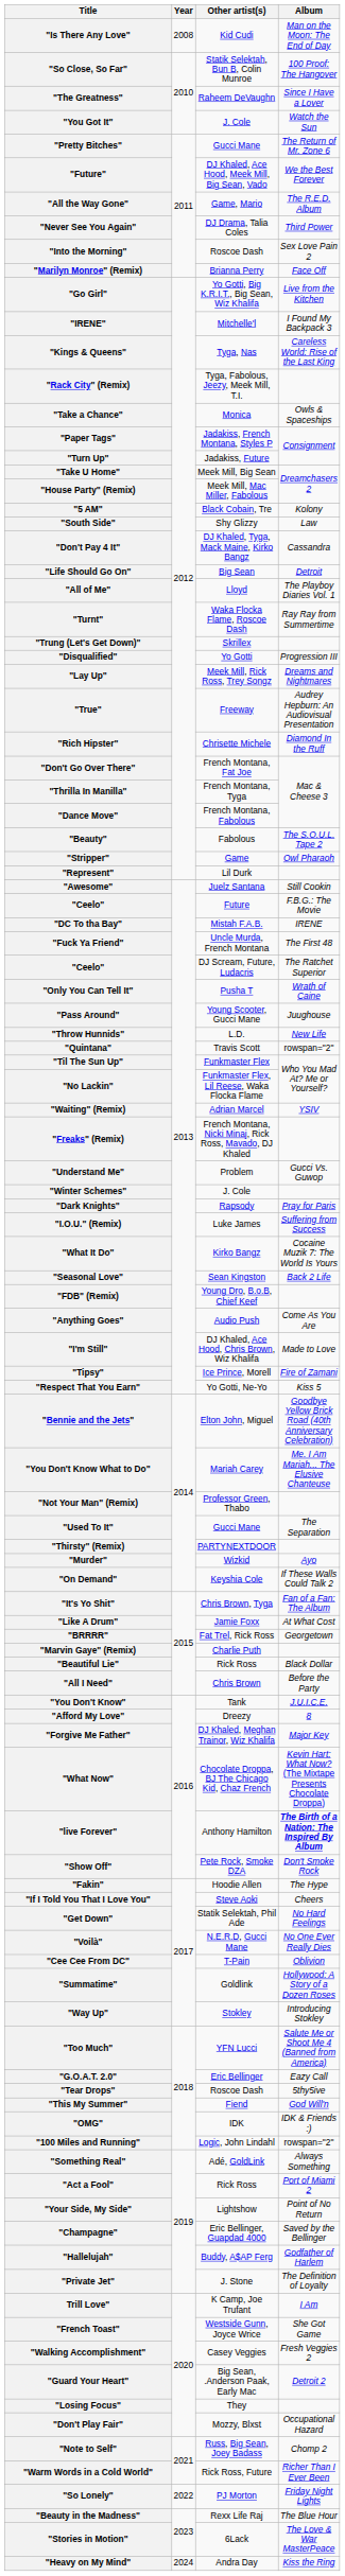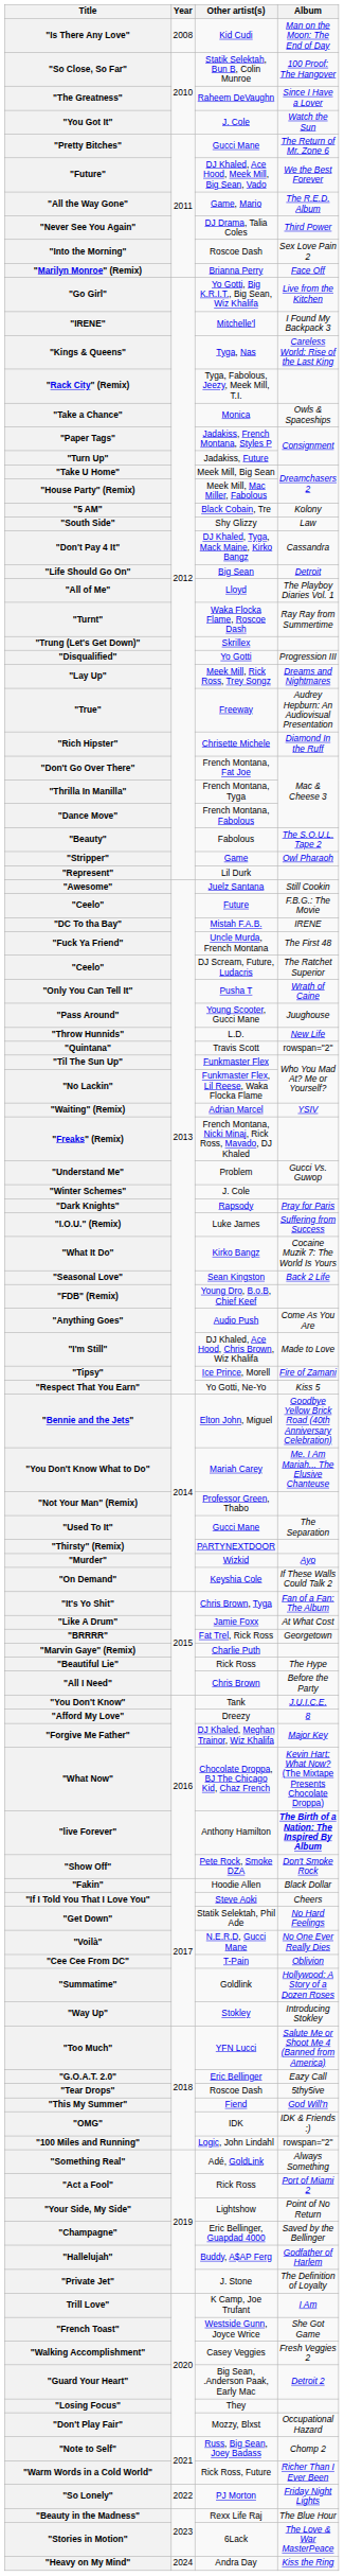 <table class="wikitable plainrowheaders" style="text-align:center;">
 <tr>
 <th scope="col" style="width:20em;">Title</th>
 <th scope="col">Year</th>
 <th scope="col">Other artist(s)</th>
 <th scope="col">Album</th>
 </tr>
 <tr>
 <th scope="row">"Is There Any Love"</th>
 <td>2008</td>
 <td><a href='#'>Kid Cudi</a></td>
 <td><em><a href='#'>Man on the Moon: The End of Day</a></em></td>
 </tr>
 <tr>
 <th scope="row">"So Close, So Far"</th>
 <td rowspan="3">2010</td>
 <td><a href='#'>Statik Selektah</a>, <a href='#'>Bun B</a>, Colin Munroe</td>
 <td><em><a href='#'>100 Proof: The Hangover</a></em></td>
 </tr>
 <tr>
 <th scope="row">"The Greatness"</th>
 <td><a href='#'>Raheem DeVaughn</a></td>
 <td><em><a href='#'>Since I Have a Lover</a></em></td>
 </tr>
 <tr>
 <th scope="row">"You Got It"</th>
 <td><a href='#'>J. Cole</a></td>
 <td><em><a href='#'>Watch the Sun</a></em></td>
 </tr>
 <tr>
 <th scope="row">"Pretty Bitches"</th>
 <td rowspan="6">2011</td>
 <td><a href='#'>Gucci Mane</a></td>
 <td><em><a href='#'>The Return of Mr. Zone 6</a></em></td>
 </tr>
 <tr>
 <th scope="row">"Future"</th>
 <td><a href='#'>DJ Khaled</a>, <a href='#'>Ace Hood</a>, <a href='#'>Meek Mill</a>, <a href='#'>Big Sean</a>, <a href='#'>Vado</a></td>
 <td><em><a href='#'>We the Best Forever</a></em></td>
 </tr>
 <tr>
 <th scope="row">"All the Way Gone"</th>
 <td><a href='#'>Game</a>, <a href='#'>Mario</a></td>
 <td><em><a href='#'>The R.E.D. Album</a></em></td>
 </tr>
 <tr>
 <th scope="row">"Never See You Again"</th>
 <td><a href='#'>DJ Drama</a>, Talia Coles</td>
 <td><em><a href='#'>Third Power</a></em></td>
 </tr>
 <tr>
 <th scope="row">"Into the Morning"</th>
 <td>Roscoe Dash</td>
 <td><em>Sex Love Pain 2</em></td>
 </tr>
 <tr>
 <th scope="row">"<a href='#'>Marilyn Monroe</a>" (Remix)</th>
 <td><a href='#'>Brianna Perry</a></td>
 <td><em><a href='#'>Face Off</a></em></td>
 </tr>
 <tr>
 <th scope="row">"Go Girl"</th>
 <td rowspan="26">2012</td>
 <td><a href='#'>Yo Gotti</a>, <a href='#'>Big K.R.I.T.</a>, Big Sean, <a href='#'>Wiz Khalifa</a></td>
 <td><em><a href='#'>Live from the Kitchen</a></em></td>
 </tr>
 <tr>
 <th scope="row">"IRENE"</th>
 <td><a href='#'>Mitchelle'l</a></td>
 <td><em>I Found My Backpack 3</em></td>
 </tr>
 <tr>
 <th scope="row">"Kings & Queens"</th>
 <td><a href='#'>Tyga</a>, <a href='#'>Nas</a></td>
 <td><em><a href='#'>Careless World: Rise of the Last King</a></em></td>
 </tr>
 <tr>
 <th scope="row">"<a href='#'>Rack City</a>" (Remix)</th>
 <td>Tyga, Fabolous, <a href='#'>Jeezy</a>, Meek Mill, T.I.</td>
 <td></td>
 </tr>
 <tr>
 <th scope="row">"Take a Chance"</th>
 <td><a href='#'>Monica</a></td>
 <td><em>Owls & Spaceships</em></td>
 </tr>
 <tr>
 <th scope="row">"Paper Tags"</th>
 <td><a href='#'>Jadakiss</a>, <a href='#'>French Montana</a>, <a href='#'>Styles P</a></td>
 <td rowspan="2"><em><a href='#'>Consignment</a></em></td>
 </tr>
 <tr>
 <th scope="row">"Turn Up"</th>
 <td>Jadakiss, <a href='#'>Future</a></td>
 </tr>
 <tr>
 <th scope="row">"Take U Home"</th>
 <td>Meek Mill, Big Sean</td>
 <td rowspan="2"><em><a href='#'>Dreamchasers 2</a></em></td>
 </tr>
 <tr>
 <th scope="row">"House Party" (Remix)</th>
 <td>Meek Mill, <a href='#'>Mac Miller</a>, <a href='#'>Fabolous</a></td>
 </tr>
 <tr>
 <th scope="row">"5 AM"</th>
 <td><a href='#'>Black Cobain</a>, Tre</td>
 <td><em>Kolony</em></td>
 </tr>
 <tr>
 <th scope="row">"South Side"</th>
 <td>Shy Glizzy</td>
 <td><em>Law</em></td>
 </tr>
 <tr>
 <th scope="row">"Don't Pay 4 It"</th>
 <td><a href='#'>DJ Khaled</a>, <a href='#'>Tyga</a>, <a href='#'>Mack Maine</a>, <a href='#'>Kirko Bangz</a></td>
 <td><em>Cassandra</em></td>
 </tr>
 <tr>
 <th scope="row">"Life Should Go On"</th>
 <td><a href='#'>Big Sean</a></td>
 <td><em><a href='#'>Detroit</a></em></td>
 </tr>
 <tr>
 <th scope="row">"All of Me"</th>
 <td><a href='#'>Lloyd</a></td>
 <td><em>The Playboy Diaries Vol. 1</em></td>
 </tr>
 <tr>
 <th scope="row">"Turnt"</th>
 <td><a href='#'>Waka Flocka Flame</a>, <a href='#'>Roscoe Dash</a></td>
 <td><em>Ray Ray from Summertime</em></td>
 </tr>
 <tr>
 <th scope="row">"Trung (Let's Get Down)"</th>
 <td><a href='#'>Skrillex</a></td>
 <td></td>
 </tr>
 <tr>
 <th scope="row">"Disqualified"</th>
 <td><a href='#'>Yo Gotti</a></td>
 <td><em>Progression III</em></td>
 </tr>
 <tr>
 <th scope="row">"Lay Up"</th>
 <td><a href='#'>Meek Mill</a>, <a href='#'>Rick Ross</a>, <a href='#'>Trey Songz</a></td>
 <td><em><a href='#'>Dreams and Nightmares</a></em></td>
 </tr>
 <tr>
 <th scope="row">"True"</th>
 <td><a href='#'>Freeway</a></td>
 <td><em>Audrey Hepburn: An Audiovisual Presentation</em></td>
 </tr>
 <tr>
 <th scope="row">"Rich Hipster"</th>
 <td><a href='#'>Chrisette Michele</a></td>
 <td><em><a href='#'>Diamond In the Ruff</a></em></td>
 </tr>
 <tr>
 <th scope="row">"Don't Go Over There"</th>
 <td>French Montana, <a href='#'>Fat Joe</a></td>
 <td rowspan="3"><em>Mac & Cheese 3</em></td>
 </tr>
 <tr>
 <th scope="row">"Thrilla In Manilla"</th>
 <td>French Montana, Tyga</td>
 </tr>
 <tr>
 <th scope="row">"Dance Move"</th>
 <td>French Montana, <a href='#'>Fabolous</a></td>
 </tr>
 <tr>
 <th scope="row">"Beauty"</th>
 <td>Fabolous</td>
 <td><em><a href='#'>The S.O.U.L. Tape 2</a></em></td>
 </tr>
 <tr>
 <th scope="row">"Stripper"</th>
 <td><a href='#'>Game</a></td>
 <td><em><a href='#'>Owl Pharaoh</a></em></td>
 </tr>
 <tr>
 <th scope="row">"Represent"</th>
 <td>Lil Durk</td>
 </tr>
 <tr>
 <th scope="row">"Awesome"</th>
 <td rowspan="24">2013</td>
 <td><a href='#'>Juelz Santana</a></td>
 <td><em>Still Cookin</em></td>
 </tr>
 <tr>
 <th scope="row">"Ceelo"</th>
 <td><a href='#'>Future</a></td>
 <td><em>F.B.G.: The Movie</em></td>
 </tr>
 <tr>
 <th scope="row">"DC To tha Bay"</th>
 <td><a href='#'>Mistah F.A.B.</a></td>
 <td><em>IRENE</em></td>
 </tr>
 <tr>
 <th scope="row">"Fuck Ya Friend"</th>
 <td><a href='#'>Uncle Murda</a>, French Montana</td>
 <td><em>The First 48</em></td>
 </tr>
 <tr>
 <th scope="row">"Ceelo"</th>
 <td>DJ Scream, Future, <a href='#'>Ludacris</a></td>
 <td><em>The Ratchet Superior</em></td>
 </tr>
 <tr>
 <th scope="row">"Only You Can Tell It"</th>
 <td><a href='#'>Pusha T</a></td>
 <td><em><a href='#'>Wrath of Caine</a></em></td>
 </tr>
 <tr>
 <th scope="row">"Pass Around"</th>
 <td><a href='#'>Young Scooter</a>, Gucci Mane</td>
 <td><em>Juughouse</em></td>
 </tr>
 <tr>
 <th scope="row">"Throw Hunnids"</th>
 <td>L.D.</td>
 <td><em><a href='#'>New Life</a></em></td>
 </tr>
 <tr>
 <th scope="row">"Quintana"</th>
 <td>Travis Scott</td>
 <td>rowspan="2" </td>
 </tr>
 <tr>
 <th scope="row">"Til The Sun Up"</th>
 <td><a href='#'>Funkmaster Flex</a></td>
 <td rowspan="2"><em>Who You Mad At? Me or Yourself?</em></td>
 </tr>
 <tr>
 <th scope="row">"No Lackin"</th>
 <td><a href='#'>Funkmaster Flex</a>, <a href='#'>Lil Reese</a>, Waka Flocka Flame</td>
 </tr>
 <tr>
 <th scope="row">"Waiting" (Remix)</th>
 <td><a href='#'>Adrian Marcel</a></td>
 <td><em><a href='#'>YSIV</a></em></td>
 </tr>
 <tr>
 <th scope="row">"<a href='#'>Freaks</a>" (Remix)</th>
 <td>French Montana, <a href='#'>Nicki Minaj</a>, Rick Ross, <a href='#'>Mavado</a>, DJ Khaled</td>
 </tr>
 <tr>
 <th scope="row">"Understand Me"</th>
 <td>Problem</td>
 <td><em>Gucci Vs. Guwop</em></td>
 </tr>
 <tr>
 <th scope="row">"Winter Schemes"</th>
 <td>J. Cole</td>
 <td></td>
 </tr>
 <tr>
 <th scope="row">"Dark Knights"</th>
 <td><a href='#'>Rapsody</a></td>
 <td><em><a href='#'>Pray for Paris</a></em></td>
 </tr>
 <tr>
 <th scope="row">"I.O.U." (Remix)</th>
 <td>Luke James</td>
 <td><em><a href='#'>Suffering from Success</a></em></td>
 </tr>
 <tr>
 <th scope="row">"What It Do"</th>
 <td><a href='#'>Kirko Bangz</a></td>
 <td><em>Cocaine Muzik 7: The World Is Yours</em></td>
 </tr>
 <tr>
 <th scope="row">"Seasonal Love"</th>
 <td><a href='#'>Sean Kingston</a></td>
 <td><em><a href='#'>Back 2 Life</a></em></td>
 </tr>
 <tr>
 <th scope="row">"FDB" (Remix)</th>
 <td><a href='#'>Young Dro</a>, <a href='#'>B.o.B</a>, <a href='#'>Chief Keef</a></td>
 <td></td>
 </tr>
 <tr>
 <th scope="row">"Anything Goes"</th>
 <td><a href='#'>Audio Push</a></td>
 <td><em>Come As You Are</em></td>
 </tr>
 <tr>
 <th scope="row">"I'm Still"</th>
 <td>DJ Khaled, <a href='#'>Ace Hood</a>, <a href='#'>Chris Brown</a>, Wiz Khalifa</td>
 <td><em>Made to Love</em></td>
 </tr>
 <tr>
 <th scope="row">"Tipsy"</th>
 <td><a href='#'>Ice Prince</a>, Morell</td>
 <td><em><a href='#'>Fire of Zamani</a></em></td>
 </tr>
 <tr>
 <th scope="row">"Respect That You Earn"</th>
 <td>Yo Gotti, Ne-Yo</td>
 <td><em>Kiss 5</em></td>
 </tr>
 <tr>
 <th scope="row">"<a href='#'>Bennie and the Jets</a>"</th>
 <td rowspan="7">2014</td>
 <td><a href='#'>Elton John</a>, Miguel</td>
 <td><em><a href='#'>Goodbye Yellow Brick Road (40th Anniversary Celebration)</a></em></td>
 </tr>
 <tr>
 <th scope="row">"You Don't Know What to Do"</th>
 <td><a href='#'>Mariah Carey</a></td>
 <td><em><a href='#'>Me. I Am Mariah... The Elusive Chanteuse</a></em></td>
 </tr>
 <tr>
 <th scope="row">"Not Your Man" (Remix)</th>
 <td><a href='#'>Professor Green</a>, Thabo</td>
 <td></td>
 </tr>
 <tr>
 <th scope="row">"Used To It"</th>
 <td><a href='#'>Gucci Mane</a></td>
 <td><em>The Separation</em></td>
 </tr>
 <tr>
 <th scope="row">"Thirsty" (Remix)</th>
 <td><a href='#'>PARTYNEXTDOOR</a></td>
 <td></td>
 </tr>
 <tr>
 <th scope="row">"Murder" </th>
 <td><a href='#'>Wizkid</a></td>
 <td><em><a href='#'>Ayo</a></em></td>
 </tr>
 <tr>
 <th scope="row">"On Demand"</th>
 <td><a href='#'>Keyshia Cole</a></td>
 <td><em>If These Walls Could Talk 2</em></td>
 </tr>
 <tr>
 <th scope="row">"It's Yo Shit"</th>
 <td rowspan="6">2015</td>
 <td><a href='#'>Chris Brown</a>, <a href='#'>Tyga</a></td>
 <td><em><a href='#'>Fan of a Fan: The Album</a></em></td>
 </tr>
 <tr>
 <th scope="row">"Like A Drum"</th>
 <td><a href='#'>Jamie Foxx</a></td>
 <td><em>At What Cost</em></td>
 </tr>
 <tr>
 <th scope="row">"BRRRR"</th>
 <td><a href='#'>Fat Trel</a>, Rick Ross</td>
 <td><em>Georgetown</em></td>
 </tr>
 <tr>
 <th scope="row">"Marvin Gaye" (Remix)</th>
 <td><a href='#'>Charlie Puth</a></td>
 <td></td>
 </tr>
 <tr>
 <th scope="row">"Beautiful Lie"</th>
 <td>Rick Ross</td>
-<td><em>Black Dollar</em></td>
+<td><em>The Hype</em></td>
 </tr>
 <tr>
 <th scope="row">"All I Need"</th>
 <td><a href='#'>Chris Brown</a></td>
 <td><em>Before the Party</em></td>
 </tr>
 <tr>
 <th scope="row">"You Don't Know"</th>
 <td rowspan="6">2016</td>
 <td>Tank</td>
 <td><em><a href='#'>J.U.I.C.E.</a></em></td>
 </tr>
 <tr>
 <th scope="row">"Afford My Love"</th>
 <td>Dreezy</td>
 <td><a href='#'><em>8</em></a></td>
 </tr>
 <tr>
 <th scope="row">"Forgive Me Father"</th>
 <td><a href='#'>DJ Khaled</a>, <a href='#'>Meghan Trainor</a>, <a href='#'>Wiz Khalifa</a></td>
 <td><em><a href='#'>Major Key</a></em></td>
 </tr>
 <tr>
 <th scope="row">"What Now"</th>
 <td><a href='#'>Chocolate Droppa</a>, <a href='#'>BJ The Chicago Kid</a>, <a href='#'>Chaz French</a></td>
 <td><a href='#'><em>Kevin Hart: What Now?</em> (The Mixtape Presents Chocolate Droppa)</a></td>
 </tr>
 <tr>
 <th scope="row">"live Forever"</th>
 <td>Anthony Hamilton</td>
 <td><strong><em><a href='#'>The Birth of a Nation: The Inspired By Album</a></em></strong></td>
 </tr>
 <tr>
 <th scope="row">"Show Off"</th>
 <td><a href='#'>Pete Rock</a>, <a href='#'>Smoke DZA</a></td>
 <td><em><a href='#'>Don't Smoke Rock</a></em></td>
 </tr>
 <tr>
 <th scope="row">"Fakin"</th>
 <td rowspan="7">2017</td>
 <td>Hoodie Allen</td>
-<td><em>The Hype</em></td>
+<td><em>Black Dollar</em></td>
 </tr>
 <tr>
 <th scope="row">"If I Told You That I Love You"</th>
 <td><a href='#'>Steve Aoki</a></td>
 <td><em>Cheers</em></td>
 </tr>
 <tr>
 <th scope="row">"Get Down"</th>
 <td>Statik Selektah, Phil Ade</td>
 <td><a href='#'><em>No Hard Feelings</em></a></td>
 </tr>
 <tr>
 <th scope="row">"Voilà"</th>
 <td><a href='#'>N.E.R.D</a>, <a href='#'>Gucci Mane</a></td>
 <td><em><a href='#'>No One Ever Really Dies</a></em></td>
 </tr>
 <tr>
 <th scope="row">"Cee Cee From DC"</th>
 <td><a href='#'>T-Pain</a></td>
 <td><em><a href='#'>Oblivion</a></em></td>
 </tr>
 <tr>
 <th scope="row">"Summatime"</th>
 <td>Goldlink</td>
 <td><em><a href='#'>Hollywood: A Story of a Dozen Roses</a></em></td>
 </tr>
 <tr>
 <th scope="row">"Way Up"</th>
 <td><a href='#'>Stokley</a></td>
 <td><em>Introducing Stokley</em></td>
 </tr>
 <tr>
 <th scope="row">"Too Much"</th>
 <td rowspan="6">2018</td>
 <td><a href='#'>YFN Lucci</a></td>
 <td><em><a href='#'>Salute Me or Shoot Me 4 (Banned from America)</a></em></td>
 </tr>
 <tr>
 <th scope="row">"G.O.A.T. 2.0"</th>
 <td><a href='#'>Eric Bellinger</a></td>
 <td><em>Eazy Call</em></td>
 </tr>
 <tr>
 <th scope="row">"Tear Drops"</th>
 <td>Roscoe Dash</td>
 <td><em>5thy5ive</em></td>
 </tr>
 <tr>
 <th scope="row">"This My Summer"</th>
 <td><a href='#'>Fiend</a></td>
 <td><em><a href='#'>God Will'n</a></em></td>
 </tr>
 <tr>
 <th scope="row">"OMG"</th>
 <td>IDK</td>
 <td><em>IDK & Friends :)</em></td>
 </tr>
 <tr>
 <th scope="row">"100 Miles and Running"</th>
 <td><a href='#'>Logic</a>, John Lindahl</td>
 <td>rowspan="2" </td>
 </tr>
 <tr>
 <th scope="row">"Something Real"</th>
 <td rowspan="6">2019</td>
 <td>Adé, <a href='#'>GoldLink</a></td>
 <td><em>Always Something</em></td>
 </tr>
 <tr>
 <th scope="row">"Act a Fool"</th>
 <td>Rick Ross</td>
 <td><em><a href='#'>Port of Miami 2</a></em></td>
 </tr>
 <tr>
 <th scope="row">"Your Side, My Side"</th>
 <td>Lightshow</td>
 <td><em>Point of No Return</em></td>
 </tr>
 <tr>
 <th scope="row">"Champagne"</th>
 <td>Eric Bellinger, <a href='#'>Guapdad 4000</a></td>
 <td><em>Saved by the Bellinger</em></td>
 </tr>
 <tr>
 <th scope="row">"Hallelujah"</th>
 <td><a href='#'>Buddy</a>, <a href='#'>A$AP Ferg</a></td>
 <td><em><a href='#'>Godfather of Harlem</a></em></td>
 </tr>
 <tr>
 <th scope="row">"Private Jet"</th>
 <td>J. Stone</td>
 <td><em>The Definition of Loyalty</em></td>
 </tr>
 <tr>
 <th>Trill Love"</th>
 <td rowspan="6">2020</td>
 <td>K Camp, Joe Trufant</td>
 <td><em><a href='#'>I Am</a></em></td>
 </tr>
 <tr>
 <th scope="row">"French Toast"</th>
 <td><a href='#'>Westside Gunn</a>, Joyce Wrice</td>
 <td><em>She Got Game</em></td>
 </tr>
 <tr>
 <th scope="row">"Walking Accomplishment"</th>
 <td>Casey Veggies</td>
 <td><em>Fresh Veggies 2</em></td>
 </tr>
 <tr>
 <th scope="row">"Guard Your Heart"</th>
 <td>Big Sean, .Anderson Paak, Early Mac</td>
 <td><em><a href='#'>Detroit 2</a></em></td>
 </tr>
 <tr>
 <th scope="row">"Losing Focus"</th>
 <td>They</td>
 <td></td>
 </tr>
 <tr>
 <th scope="row">"Don't Play Fair"</th>
 <td>Mozzy, Blxst</td>
 <td><em>Occupational Hazard</em></td>
 </tr>
 <tr>
 <th scope="row">"Note to Self"</th>
 <td rowspan="2">2021</td>
 <td><a href='#'>Russ</a>, <a href='#'>Big Sean</a>, <a href='#'>Joey Badass</a></td>
 <td><em>Chomp 2</em></td>
 </tr>
 <tr>
 <th scope="row">"Warm Words in a Cold World"</th>
 <td>Rick Ross, Future</td>
 <td><em><a href='#'>Richer Than I Ever Been</a></em></td>
 </tr>
 <tr>
 <th scope="row">"So Lonely"</th>
 <td>2022</td>
 <td><a href='#'>PJ Morton</a></td>
 <td><em><a href='#'>Friday Night Lights</a></em></td>
 </tr>
 <tr>
 <th scope="row">"Beauty in the Madness"</th>
 <td rowspan="2">2023</td>
 <td>Rexx Life Raj</td>
 <td><em>The Blue Hour</em></td>
 </tr>
 <tr>
 <th scope="row">"Stories in Motion"</th>
 <td>6Lack</td>
 <td><em><a href='#'>The Love & War MasterPeace</a></em></td>
 </tr>
 <tr>
 <th scope="row">"Heavy on My Mind"</th>
 <td>2024</td>
 <td>Andra Day</td>
 <td><em><a href='#'>Kiss the Ring</a></em></td>
 </tr>
 </table>
